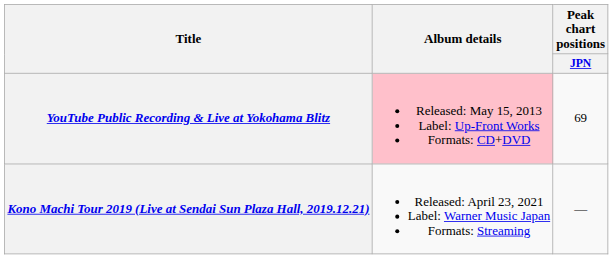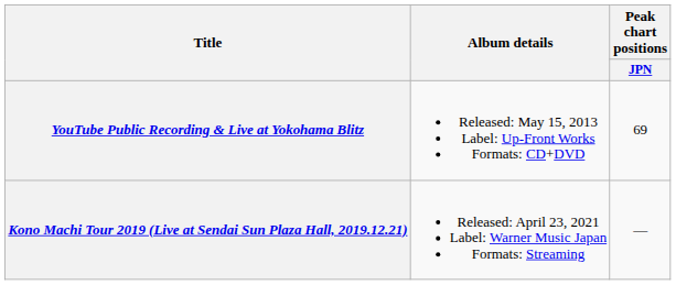 <table class="wikitable plainrowheaders" style="text-align:center;">
 <tr>
 <th rowspan="2">Title</th>
 <th rowspan="2">Album details</th>
 <th>Peak chart positions</th>
 </tr>
 <tr>
 <th scope="col" style="width:3em;font-size:90%;"><a href='#'>JPN</a><br></th>
 </tr>
 <tr>
 <th scope="row"><em><a href='#'>YouTube Public Recording & Live at Yokohama Blitz</a></em></th>
-<td style="background: pink;"><br><ul><li>Released: May 15, 2013</li><li>Label: <a href='#'>Up-Front Works</a></li><li>Formats: <a href='#'>CD</a>+<a href='#'>DVD</a></li></ul></td>
+<td><br><ul><li>Released: May 15, 2013</li><li>Label: <a href='#'>Up-Front Works</a></li><li>Formats: <a href='#'>CD</a>+<a href='#'>DVD</a></li></ul></td>
 <td>69</td>
 </tr>
 <tr>
 <th scope="row"><em><a href='#'>Kono Machi Tour 2019 (Live at Sendai Sun Plaza Hall, 2019.12.21)</a></em></th>
 <td><br><ul><li>Released: April 23, 2021</li><li>Label: <a href='#'>Warner Music Japan</a></li><li>Formats: <a href='#'>Streaming</a></li></ul></td>
 <td>—</td>
 </tr>
 </table>
